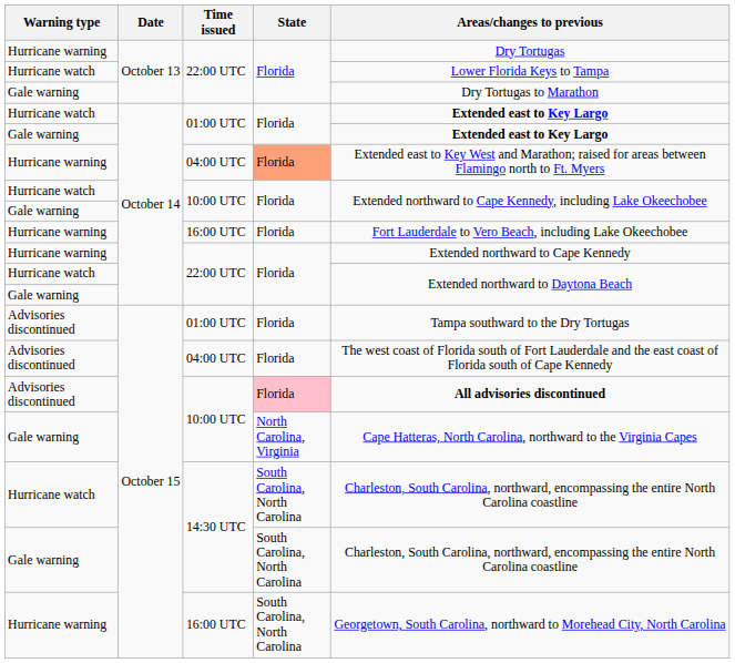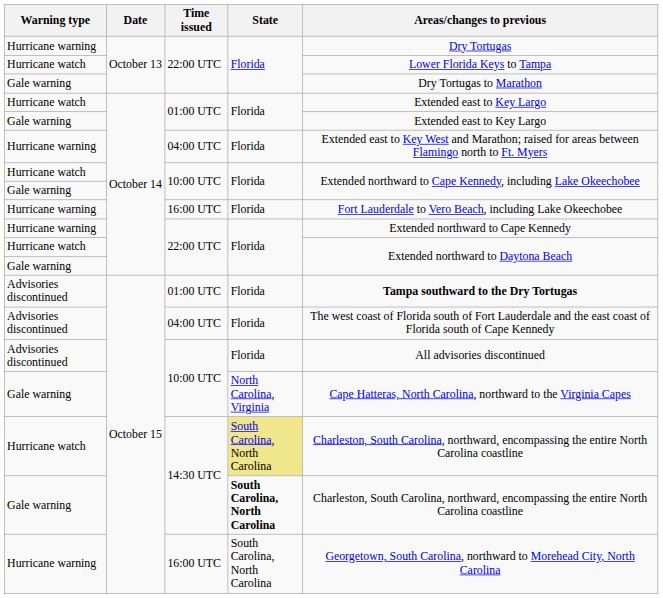 <table class="wikitable collapsible" style="margin: 1em auto 1em auto;">
 <tr>
 <th scope="col">Warning type</th>
 <th scope="col">Date</th>
 <th scope="col">Time issued</th>
 <th scope="col" align="center">State</th>
 <th scope="col" align="center">Areas/changes to previous</th>
 </tr>
 <tr>
 <td style="background-color:#">Hurricane warning</td>
 <td rowspan=3>October 13</td>
 <td rowspan=3>22:00 UTC</td>
 <td rowspan=3><a href='#'>Florida</a></td>
 <td align="center"><a href='#'>Dry Tortugas</a></td>
 </tr>
 <tr>
 <td style="background-color:#">Hurricane watch</td>
 <td align="center"><a href='#'>Lower Florida Keys</a> to <a href='#'>Tampa</a></td>
 </tr>
 <tr>
 <td style="background-color:#">Gale warning</td>
 <td align="center">Dry Tortugas to <a href='#'>Marathon</a></td>
 </tr>
 <tr>
 <td style="background-color:#">Hurricane watch</td>
 <td rowspan=9>October 14</td>
 <td rowspan=2>01:00 UTC</td>
 <td rowspan=2>Florida</td>
-<td align="center"><strong>Extended east to <a href='#'>Key Largo</a></strong></td>
+<td align="center">Extended east to <a href='#'>Key Largo</a></td>
 </tr>
 <tr>
 <td style="background-color:#">Gale warning</td>
-<td align="center"><strong>Extended east to Key Largo</strong></td>
+<td align="center">Extended east to Key Largo</td>
 </tr>
 <tr>
 <td style="background-color:#">Hurricane warning</td>
 <td>04:00 UTC</td>
-<td style="background: lightsalmon;">Florida</td>
+<td>Florida</td>
 <td align="center">Extended east to <a href='#'>Key West</a> and Marathon; raised for areas between <a href='#'>Flamingo</a> north to <a href='#'>Ft. Myers</a></td>
 </tr>
 <tr>
 <td style="background-color:#">Hurricane watch</td>
 <td rowspan=2>10:00 UTC</td>
 <td rowspan=2>Florida</td>
 <td rowspan=2; align="center">Extended northward to <a href='#'>Cape Kennedy</a>, including <a href='#'>Lake Okeechobee</a></td>
 </tr>
 <tr>
 <td style="background-color:#">Gale warning</td>
 </tr>
 <tr>
 <td style="background-color:#">Hurricane warning</td>
 <td>16:00 UTC</td>
 <td>Florida</td>
 <td align="center"><a href='#'>Fort Lauderdale</a> to <a href='#'>Vero Beach</a>, including Lake Okeechobee</td>
 </tr>
 <tr>
 <td style="background-color:#">Hurricane warning</td>
 <td rowspan=3>22:00 UTC</td>
 <td rowspan=3>Florida</td>
 <td align="center">Extended northward to Cape Kennedy</td>
 </tr>
 <tr>
 <td style="background-color:#">Hurricane watch</td>
 <td rowspan=2 align="center">Extended northward to <a href='#'>Daytona Beach</a></td>
 </tr>
 <tr>
 <td style="background-color:#">Gale warning</td>
 </tr>
 <tr>
 <td style="background-color:#">Advisories discontinued</td>
 <td rowspan=7>October 15</td>
 <td>01:00 UTC</td>
 <td>Florida</td>
-<td align="center">Tampa southward to the Dry Tortugas</td>
+<td align="center"><strong>Tampa southward to the Dry Tortugas</strong></td>
 </tr>
 <tr>
 <td style="background-color:#">Advisories discontinued</td>
 <td>04:00 UTC</td>
 <td>Florida</td>
 <td align="center">The west coast of Florida south of Fort Lauderdale and the east coast of Florida south of Cape Kennedy</td>
 </tr>
 <tr>
 <td style="background-color:#">Advisories discontinued</td>
 <td rowspan=2>10:00 UTC</td>
-<td style="background: pink;">Florida</td>
-<td align="center"><strong>All advisories discontinued</strong></td>
+<td>Florida</td>
+<td align="center">All advisories discontinued</td>
 </tr>
 <tr>
 <td style="background-color:#">Gale warning</td>
 <td><a href='#'>North Carolina</a>,<br><a href='#'>Virginia</a></td>
 <td align="center"><a href='#'>Cape Hatteras, North Carolina</a>, northward to the <a href='#'>Virginia Capes</a></td>
 </tr>
 <tr>
 <td style="background-color:#">Hurricane watch</td>
 <td rowspan=2>14:30 UTC</td>
-<td><a href='#'>South Carolina</a>,<br>North Carolina</td>
+<td style="background: khaki;"><a href='#'>South Carolina</a>,<br>North Carolina</td>
 <td align="center"><a href='#'>Charleston, South Carolina</a>, northward, encompassing the entire North Carolina coastline</td>
 </tr>
 <tr>
 <td style="background-color:#">Gale warning</td>
-<td>South Carolina,<br>North Carolina</td>
+<td><strong>South Carolina,<br>North Carolina</strong></td>
 <td align="center">Charleston, South Carolina, northward, encompassing the entire North Carolina coastline</td>
 </tr>
 <tr>
 <td style="background-color:#">Hurricane warning</td>
 <td>16:00 UTC</td>
 <td>South Carolina,<br>North Carolina</td>
 <td align="center"><a href='#'>Georgetown, South Carolina</a>, northward to <a href='#'>Morehead City, North Carolina</a></td>
 </tr>
 </table>
